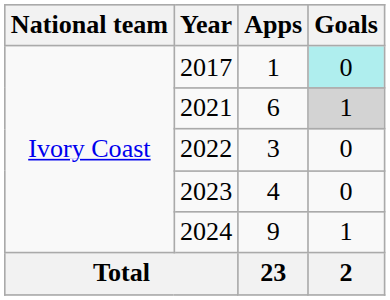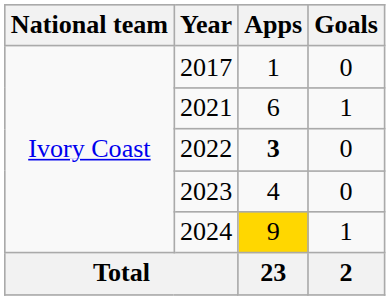 <table class=wikitable style="text-align:center">
 <tr>
 <th>National team</th>
 <th>Year</th>
 <th>Apps</th>
 <th>Goals</th>
 </tr>
 <tr>
 <td rowspan=5><a href='#'>Ivory Coast</a></td>
 <td>2017</td>
 <td>1</td>
-<td style="background: paleturquoise;">0</td>
+<td>0</td>
 </tr>
 <tr>
 <td>2021</td>
 <td>6</td>
-<td style="background: lightgrey;">1</td>
+<td>1</td>
 </tr>
 <tr>
 <td>2022</td>
-<td>3</td>
+<td><strong>3</strong></td>
 <td>0</td>
 </tr>
 <tr>
 <td>2023</td>
 <td>4</td>
 <td>0</td>
 </tr>
 <tr>
 <td>2024</td>
-<td>9</td>
+<td style="background: gold;">9</td>
 <td>1</td>
 </tr>
 <tr>
 <th colspan=2>Total</th>
 <th>23</th>
 <th>2</th>
 </tr>
 </table>
